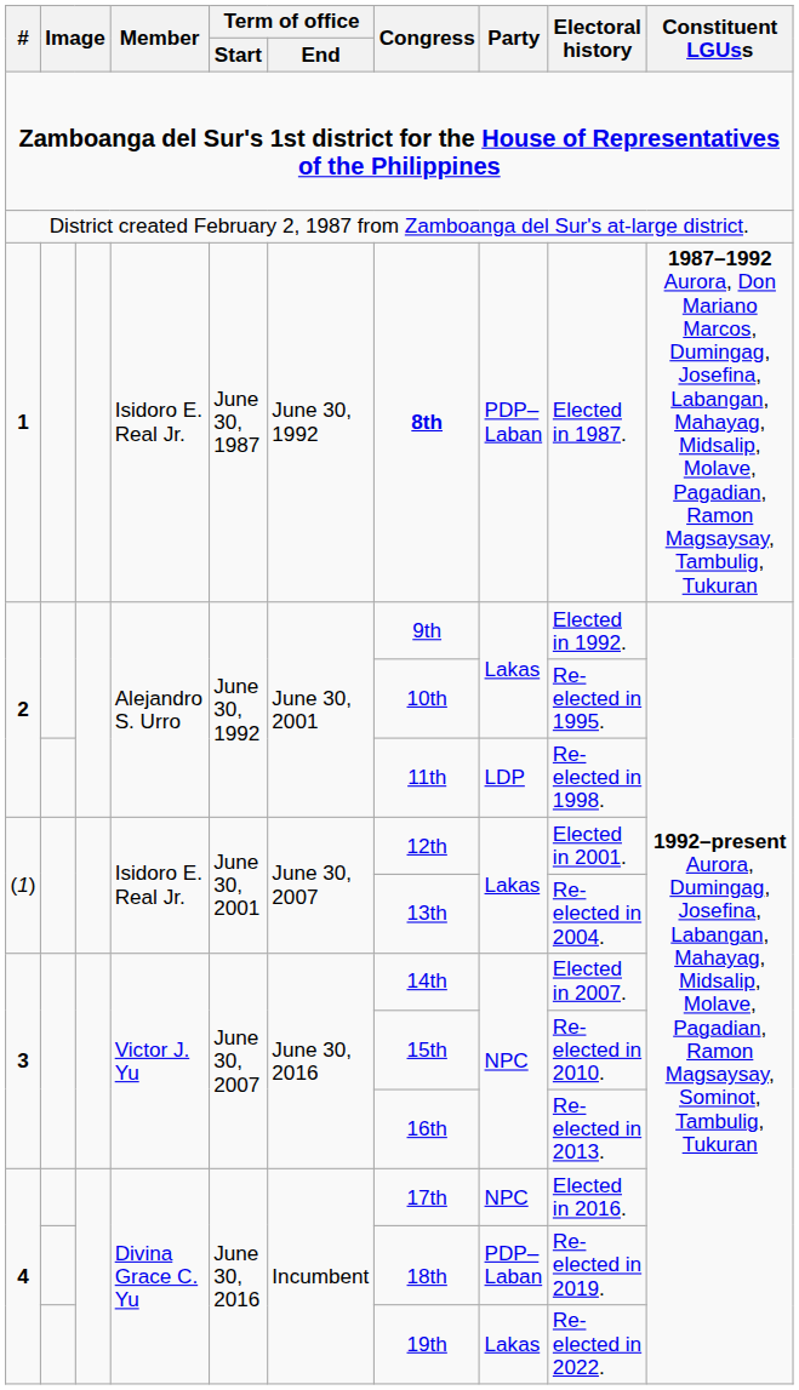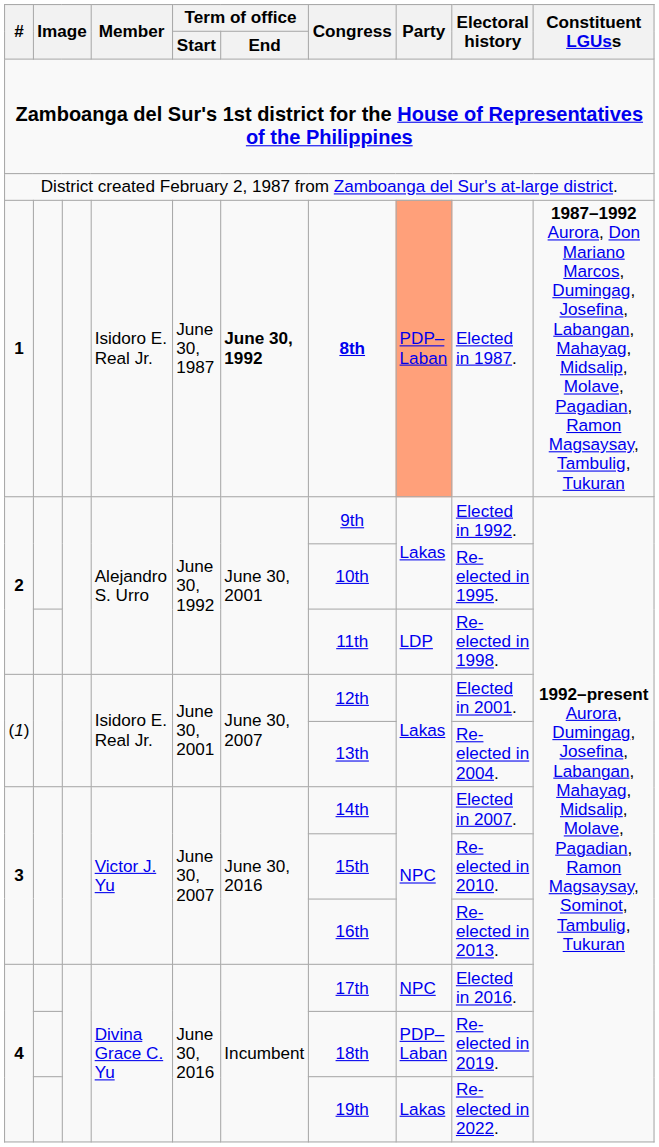 <table class=wikitable>
 <tr>
 <th rowspan="2">#</th>
 <th rowspan="2" colspan=2>Image</th>
 <th rowspan="2">Member</th>
 <th colspan=2>Term of office</th>
 <th rowspan="2">Congress</th>
 <th rowspan="2">Party</th>
 <th rowspan="2">Electoral history</th>
 <th rowspan="2">Constituent<br><a href='#'>LGUs</a>s</th>
 </tr>
 <tr>
 <th>Start</th>
 <th>End</th>
 </tr>
 <tr>
 <td colspan="10" style="text-align:center;"><br><h3>Zamboanga del Sur's 1st district for the <a href='#'>House of Representatives of the Philippines</a></h3></td>
 </tr>
 <tr>
 <td colspan="10" style="text-align:center;">District created February 2, 1987 from <a href='#'>Zamboanga del Sur's at-large district</a>.</td>
 </tr>
 <tr>
 <td style="text-align:center;"><strong>1</strong></td>
 <td style="color:inherit;background:"></td>
 <td></td>
 <td>Isidoro E. Real Jr.</td>
 <td>June 30, 1987</td>
-<td>June 30, 1992</td>
+<td><strong>June 30, 1992</strong></td>
 <td style="text-align:center;"><strong><a href='#'>8th</a></strong></td>
-<td><a href='#'>PDP–Laban</a></td>
+<td style="background: lightsalmon;"><a href='#'>PDP–Laban</a></td>
 <td><a href='#'>Elected in 1987</a>.</td>
 <td style="text-align:center;"><strong>1987–1992</strong><br><a href='#'>Aurora</a>, <a href='#'>Don Mariano Marcos</a>, <a href='#'>Dumingag</a>, <a href='#'>Josefina</a>, <a href='#'>Labangan</a>, <a href='#'>Mahayag</a>, <a href='#'>Midsalip</a>, <a href='#'>Molave</a>, <a href='#'>Pagadian</a>, <a href='#'>Ramon Magsaysay</a>, <a href='#'>Tambulig</a>, <a href='#'>Tukuran</a></td>
 </tr>
 <tr>
 <td rowspan="3" style="text-align:center;"><strong>2</strong></td>
 <td rowspan="2" style="color:inherit;background:"></td>
 <td rowspan="3"></td>
 <td rowspan="3">Alejandro S. Urro</td>
 <td rowspan="3">June 30, 1992</td>
 <td rowspan="3">June 30, 2001</td>
 <td style="text-align:center;"><a href='#'>9th</a></td>
 <td rowspan="2"><a href='#'>Lakas</a></td>
 <td><a href='#'>Elected in 1992</a>.</td>
 <td rowspan="11" style="text-align:center;"><strong>1992–present</strong><br><a href='#'>Aurora</a>, <a href='#'>Dumingag</a>, <a href='#'>Josefina</a>, <a href='#'>Labangan</a>, <a href='#'>Mahayag</a>, <a href='#'>Midsalip</a>, <a href='#'>Molave</a>, <a href='#'>Pagadian</a>, <a href='#'>Ramon Magsaysay</a>, <a href='#'>Sominot</a>, <a href='#'>Tambulig</a>, <a href='#'>Tukuran</a></td>
 </tr>
 <tr>
 <td style="text-align:center;"><a href='#'>10th</a></td>
 <td><a href='#'>Re-elected in 1995</a>.</td>
 </tr>
 <tr>
 <td style="color:inherit;background:"></td>
 <td style="text-align:center;"><a href='#'>11th</a></td>
 <td><a href='#'>LDP</a></td>
 <td><a href='#'>Re-elected in 1998</a>.</td>
 </tr>
 <tr>
 <td rowspan="2" style="text-align:center;">(<em>1</em>)</td>
 <td rowspan="2" style="color:inherit;background:"></td>
 <td rowspan="2"></td>
 <td rowspan="2">Isidoro E. Real Jr.</td>
 <td rowspan="2">June 30, 2001</td>
 <td rowspan="2">June 30, 2007</td>
 <td style="text-align:center;"><a href='#'>12th</a></td>
 <td rowspan="2"><a href='#'>Lakas</a></td>
 <td><a href='#'>Elected in 2001</a>.</td>
 </tr>
 <tr>
 <td style="text-align:center;"><a href='#'>13th</a></td>
 <td><a href='#'>Re-elected in 2004</a>.</td>
 </tr>
 <tr>
 <td rowspan="3" style="text-align:center;"><strong>3</strong></td>
 <td rowspan="3" style="color:inherit;background:"></td>
 <td rowspan="3"></td>
 <td rowspan="3"><a href='#'>Victor J. Yu</a></td>
 <td rowspan="3">June 30, 2007</td>
 <td rowspan="3">June 30, 2016</td>
 <td style="text-align:center;"><a href='#'>14th</a></td>
 <td rowspan="3"><a href='#'>NPC</a></td>
 <td><a href='#'>Elected in 2007</a>.</td>
 </tr>
 <tr>
 <td style="text-align:center;"><a href='#'>15th</a></td>
 <td><a href='#'>Re-elected in 2010</a>.</td>
 </tr>
 <tr>
 <td style="text-align:center;"><a href='#'>16th</a></td>
 <td><a href='#'>Re-elected in 2013</a>.</td>
 </tr>
 <tr>
 <td rowspan="3" style="text-align:center;"><strong>4</strong></td>
 <td rowspan="1" style="color:inherit;background:"></td>
 <td rowspan="3"></td>
 <td rowspan="3"><a href='#'>Divina Grace C. Yu</a></td>
 <td rowspan="3">June 30, 2016</td>
 <td rowspan="3">Incumbent</td>
 <td style="text-align:center;"><a href='#'>17th</a></td>
 <td rowspan="1"><a href='#'>NPC</a></td>
 <td><a href='#'>Elected in 2016</a>.</td>
 </tr>
 <tr>
 <td style="color:inherit;background:"></td>
 <td style="text-align:center;"><br><a href='#'>18th</a></td>
 <td><a href='#'>PDP–Laban</a></td>
 <td><a href='#'>Re-elected in 2019</a>.</td>
 </tr>
 <tr>
 <td style="color:inherit;background:"></td>
 <td style="text-align:center;"><a href='#'>19th</a></td>
 <td><a href='#'>Lakas</a></td>
 <td><a href='#'>Re-elected in 2022</a>.</td>
 </tr>
 </table>
